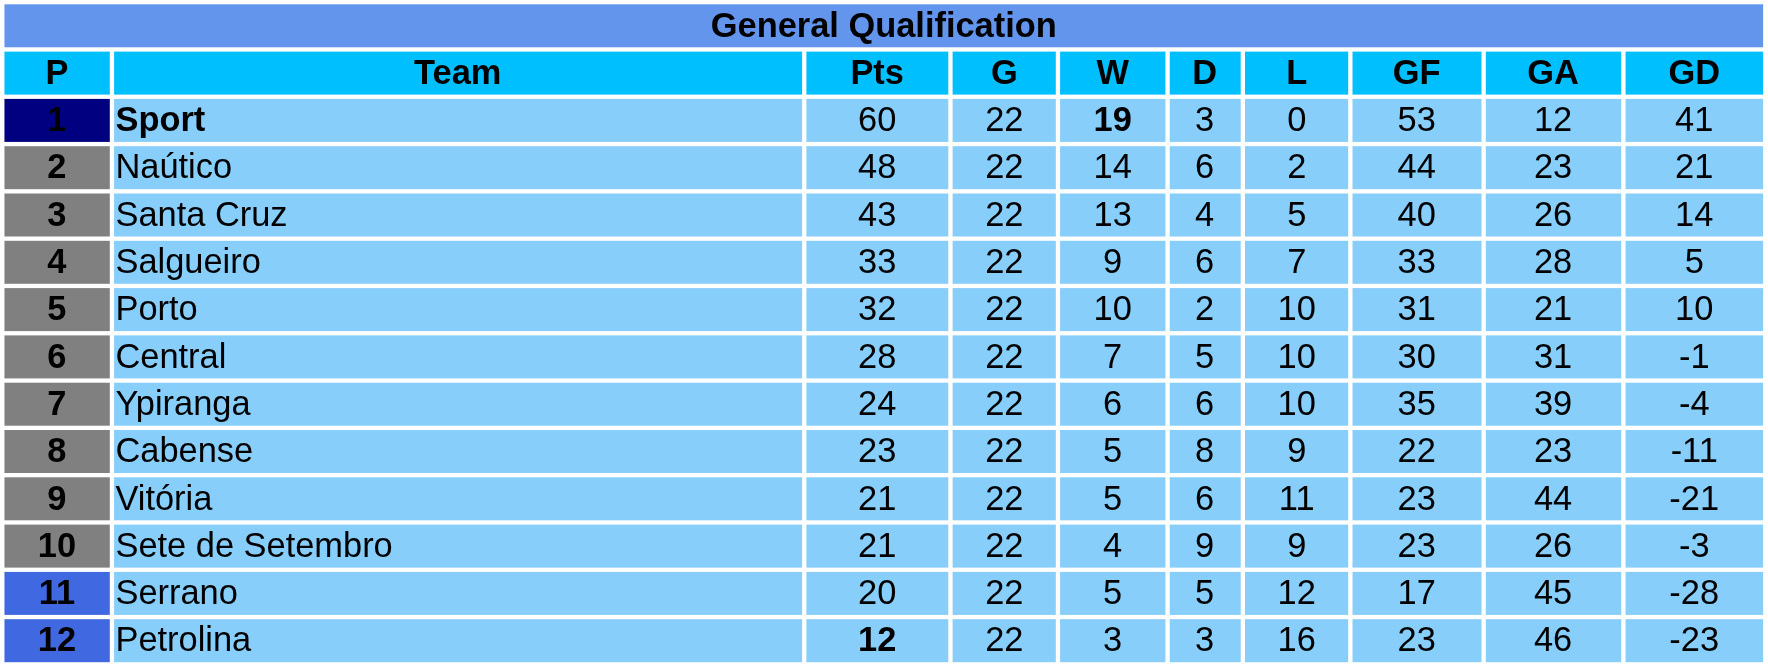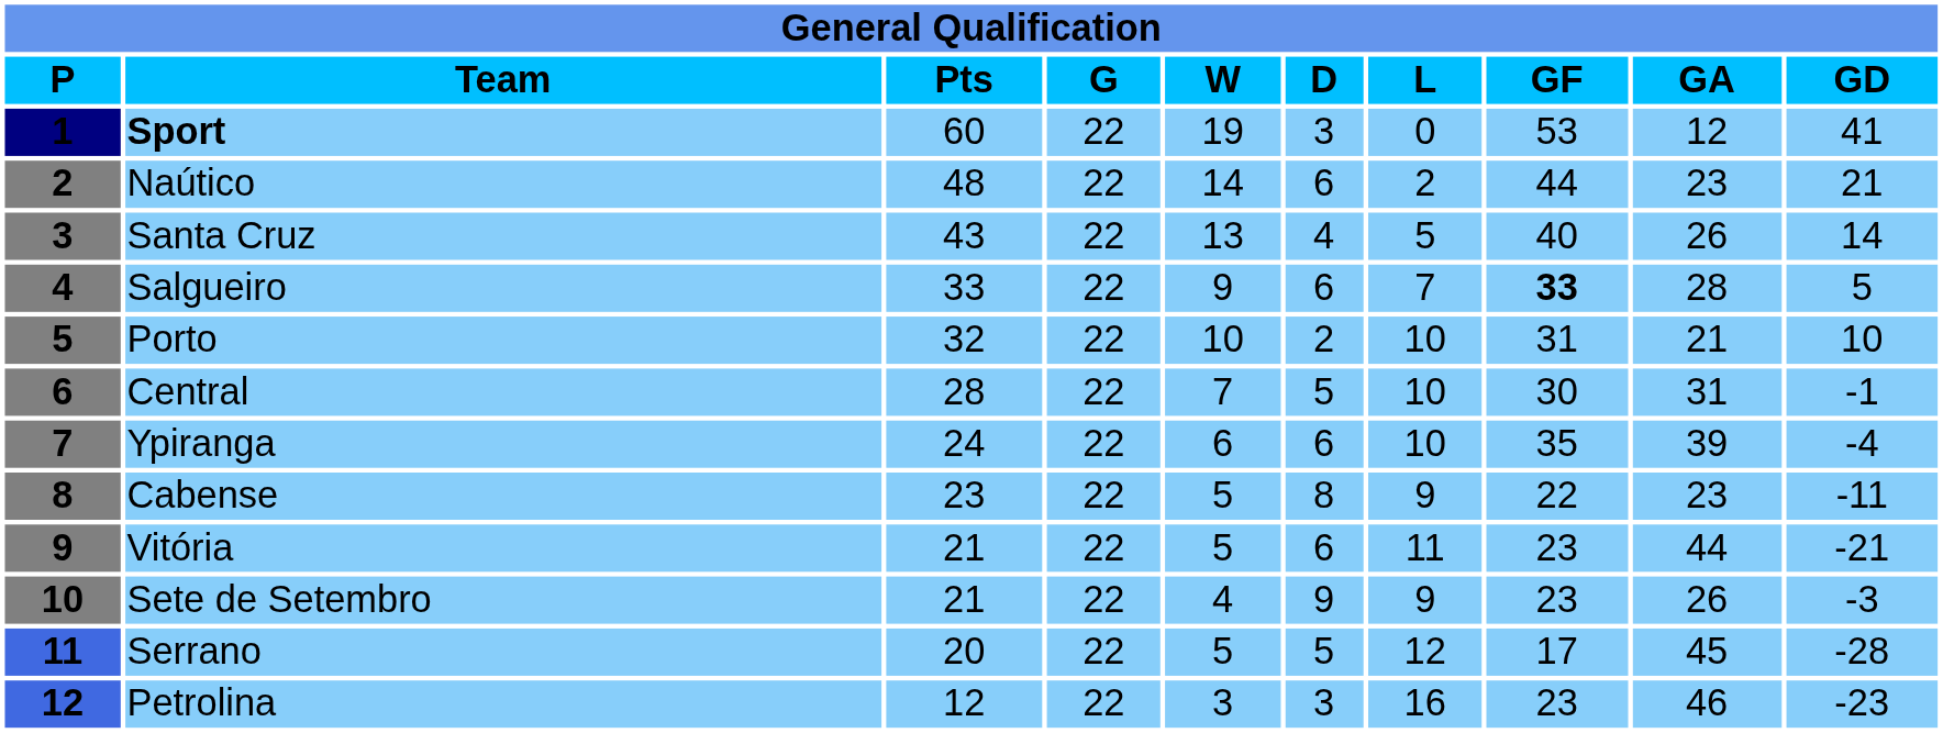 <table width=65% align="center" text-align="center">
 <tr>
 <th colspan="10" bgcolor=#6495ed><span>General Qualification</span></th>
 </tr>
 <tr>
 <th bgcolor=#00bfff align="center"><span>P</span></th>
 <th bgcolor=#00bfff align="center"><span>Team</span></th>
 <th bgcolor=#00bfff align="center"><span>Pts</span></th>
 <th bgcolor=#00bfff align="center"><span> G</span></th>
 <th bgcolor=#00bfff align="center"><span> W</span></th>
 <th bgcolor=#00bfff align="center"><span> D</span></th>
 <th bgcolor=#00bfff align="center"><span> L</span></th>
 <th bgcolor=#00bfff align="center"><span>GF</span></th>
 <th bgcolor=#00bfff align="center"><span>GA</span></th>
 <th bgcolor=#00bfff align="center"><span>GD</span></th>
 </tr>
 <tr>
 <th bgcolor=#000080 align="center"><span>1</span></th>
 <td bgcolor=#87cefa><strong>Sport</strong></td>
 <td bgcolor=#87cefa align="center">60</td>
 <td bgcolor=#87cefa align="center">22</td>
-<td bgcolor=#87cefa align="center"><strong>19</strong></td>
+<td bgcolor=#87cefa align="center">19</td>
 <td bgcolor=#87cefa align="center">3</td>
 <td bgcolor=#87cefa align="center">0</td>
 <td bgcolor=#87cefa align="center">53</td>
 <td bgcolor=#87cefa align="center">12</td>
 <td bgcolor=#87cefa align="center">41</td>
 </tr>
 <tr>
 <th bgcolor=grey align="center"><span>2</span></th>
 <td bgcolor=#87cefa>Naútico</td>
 <td bgcolor=#87cefa align="center">48</td>
 <td bgcolor=#87cefa align="center">22</td>
 <td bgcolor=#87cefa align="center">14</td>
 <td bgcolor=#87cefa align="center">6</td>
 <td bgcolor=#87cefa align="center">2</td>
 <td bgcolor=#87cefa align="center">44</td>
 <td bgcolor=#87cefa align="center">23</td>
 <td bgcolor=#87cefa align="center">21</td>
 </tr>
 <tr>
 <th bgcolor=grey align="center"><span>3</span></th>
 <td bgcolor=#87cefa>Santa Cruz</td>
 <td bgcolor=#87cefa align="center">43</td>
 <td bgcolor=#87cefa align="center">22</td>
 <td bgcolor=#87cefa align="center">13</td>
 <td bgcolor=#87cefa align="center">4</td>
 <td bgcolor=#87cefa align="center">5</td>
 <td bgcolor=#87cefa align="center">40</td>
 <td bgcolor=#87cefa align="center">26</td>
 <td bgcolor=#87cefa align="center">14</td>
 </tr>
 <tr>
 <th bgcolor=grey align="center"><span>4</span></th>
 <td bgcolor=#87cefa>Salgueiro</td>
 <td bgcolor=#87cefa align="center">33</td>
 <td bgcolor=#87cefa align="center">22</td>
 <td bgcolor=#87cefa align="center">9</td>
 <td bgcolor=#87cefa align="center">6</td>
 <td bgcolor=#87cefa align="center">7</td>
-<td bgcolor=#87cefa align="center">33</td>
+<td bgcolor=#87cefa align="center"><strong>33</strong></td>
 <td bgcolor=#87cefa align="center">28</td>
 <td bgcolor=#87cefa align="center">5</td>
 </tr>
 <tr>
 <th bgcolor=grey align="center"><span>5</span></th>
 <td bgcolor=#87cefa>Porto</td>
 <td bgcolor=#87cefa align="center">32</td>
 <td bgcolor=#87cefa align="center">22</td>
 <td bgcolor=#87cefa align="center">10</td>
 <td bgcolor=#87cefa align="center">2</td>
 <td bgcolor=#87cefa align="center">10</td>
 <td bgcolor=#87cefa align="center">31</td>
 <td bgcolor=#87cefa align="center">21</td>
 <td bgcolor=#87cefa align="center">10</td>
 </tr>
 <tr>
 <th bgcolor=grey align="center"><span>6</span></th>
 <td bgcolor=#87cefa>Central</td>
 <td bgcolor=#87cefa align="center">28</td>
 <td bgcolor=#87cefa align="center">22</td>
 <td bgcolor=#87cefa align="center">7</td>
 <td bgcolor=#87cefa align="center">5</td>
 <td bgcolor=#87cefa align="center">10</td>
 <td bgcolor=#87cefa align="center">30</td>
 <td bgcolor=#87cefa align="center">31</td>
 <td bgcolor=#87cefa align="center">-1</td>
 </tr>
 <tr>
 <th bgcolor=grey align="center"><span>7</span></th>
 <td bgcolor=#87cefa>Ypiranga</td>
 <td bgcolor=#87cefa align="center">24</td>
 <td bgcolor=#87cefa align="center">22</td>
 <td bgcolor=#87cefa align="center">6</td>
 <td bgcolor=#87cefa align="center">6</td>
 <td bgcolor=#87cefa align="center">10</td>
 <td bgcolor=#87cefa align="center">35</td>
 <td bgcolor=#87cefa align="center">39</td>
 <td bgcolor=#87cefa align="center">-4</td>
 </tr>
 <tr>
 <th bgcolor=grey align="center"><span>8</span></th>
 <td bgcolor=#87cefa>Cabense</td>
 <td bgcolor=#87cefa align="center">23</td>
 <td bgcolor=#87cefa align="center">22</td>
 <td bgcolor=#87cefa align="center">5</td>
 <td bgcolor=#87cefa align="center">8</td>
 <td bgcolor=#87cefa align="center">9</td>
 <td bgcolor=#87cefa align="center">22</td>
 <td bgcolor=#87cefa align="center">23</td>
 <td bgcolor=#87cefa align="center">-11</td>
 </tr>
 <tr>
 <th bgcolor=grey align="center"><span>9</span></th>
 <td bgcolor=#87cefa>Vitória</td>
 <td bgcolor=#87cefa align="center">21</td>
 <td bgcolor=#87cefa align="center">22</td>
 <td bgcolor=#87cefa align="center">5</td>
 <td bgcolor=#87cefa align="center">6</td>
 <td bgcolor=#87cefa align="center">11</td>
 <td bgcolor=#87cefa align="center">23</td>
 <td bgcolor=#87cefa align="center">44</td>
 <td bgcolor=#87cefa align="center">-21</td>
 </tr>
 <tr>
 <th bgcolor=gray align="center"><span>10</span></th>
 <td bgcolor=#87cefa>Sete de Setembro</td>
 <td bgcolor=#87cefa align="center">21</td>
 <td bgcolor=#87cefa align="center">22</td>
 <td bgcolor=#87cefa align="center">4</td>
 <td bgcolor=#87cefa align="center">9</td>
 <td bgcolor=#87cefa align="center">9</td>
 <td bgcolor=#87cefa align="center">23</td>
 <td bgcolor=#87cefa align="center">26</td>
 <td bgcolor=#87cefa align="center">-3</td>
 </tr>
 <tr>
 <th bgcolor=#4069e1 align="center"><span>11</span></th>
 <td bgcolor=#87cefa>Serrano</td>
 <td bgcolor=#87cefa align="center">20</td>
 <td bgcolor=#87cefa align="center">22</td>
 <td bgcolor=#87cefa align="center">5</td>
 <td bgcolor=#87cefa align="center">5</td>
 <td bgcolor=#87cefa align="center">12</td>
 <td bgcolor=#87cefa align="center">17</td>
 <td bgcolor=#87cefa align="center">45</td>
 <td bgcolor=#87cefa align="center">-28</td>
 </tr>
 <tr>
 <th bgcolor=#4069e1 align="center"><span>12</span></th>
 <td bgcolor=#87cefa>Petrolina</td>
-<td bgcolor=#87cefa align="center"><strong>12</strong></td>
+<td bgcolor=#87cefa align="center">12</td>
 <td bgcolor=#87cefa align="center">22</td>
 <td bgcolor=#87cefa align="center">3</td>
 <td bgcolor=#87cefa align="center">3</td>
 <td bgcolor=#87cefa align="center">16</td>
 <td bgcolor=#87cefa align="center">23</td>
 <td bgcolor=#87cefa align="center">46</td>
 <td bgcolor=#87cefa align="center">-23</td>
 </tr>
 </table>
